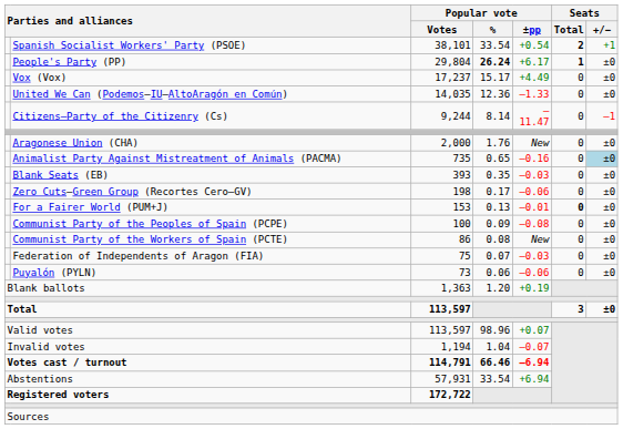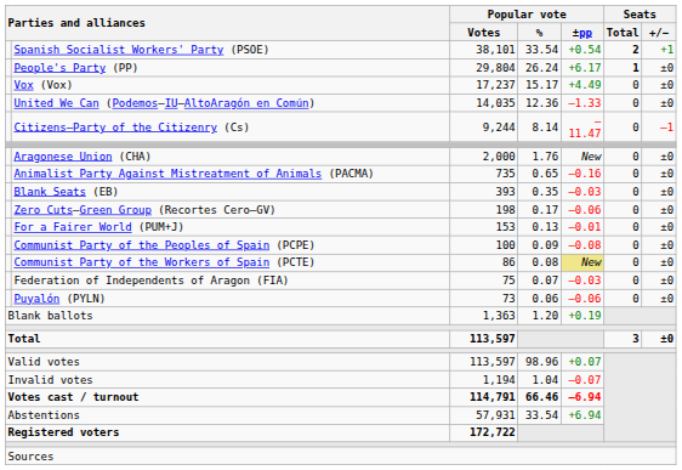 <table class="wikitable" style="text-align:right;">
 <tr>
 <th style="text-align:left;" rowspan="2" colspan="2" width="525">Parties and alliances</th>
 <th colspan="3">Popular vote</th>
 <th colspan="2">Seats</th>
 </tr>
 <tr>
 <th width="75">Votes</th>
 <th width="45">%</th>
 <th width="45">±<a href='#'>pp</a></th>
 <th width="35">Total</th>
 <th width="35">+/−</th>
 </tr>
 <tr>
 <td width="1" style="color:inherit;background:"></td>
 <td align="left"><a href='#'>Spanish Socialist Workers' Party</a> (PSOE)</td>
 <td>38,101</td>
 <td>33.54</td>
 <td style="color:green;">+0.54</td>
 <td><strong>2</strong></td>
 <td style="color:green;">+1</td>
 </tr>
 <tr>
 <td style="color:inherit;background:"></td>
 <td align="left"><a href='#'>People's Party</a> (PP)</td>
 <td>29,804</td>
-<td><strong>26.24</strong></td>
+<td>26.24</td>
 <td style="color:green;">+6.17</td>
 <td><strong>1</strong></td>
 <td>±0</td>
 </tr>
 <tr>
 <td style="color:inherit;background:"></td>
 <td align="left"><a href='#'>Vox</a> (Vox)</td>
 <td>17,237</td>
 <td>15.17</td>
 <td style="color:green;">+4.49</td>
 <td>0</td>
 <td>±0</td>
 </tr>
 <tr>
 <td style="color:inherit;background:"></td>
 <td align="left"><a href='#'>United We Can</a> (<a href='#'>Podemos</a>–<a href='#'>IU</a>–<a href='#'>AltoAragón en Común</a>)</td>
 <td>14,035</td>
 <td>12.36</td>
 <td style="color:red;">–1.33</td>
 <td>0</td>
 <td>±0</td>
 </tr>
 <tr>
 <td style="color:inherit;background:"></td>
 <td align="left"><a href='#'>Citizens–Party of the Citizenry</a> (Cs)</td>
 <td>9,244</td>
 <td>8.14</td>
 <td style="color:red;">–11.47</td>
 <td>0</td>
 <td style="color:red;">–1</td>
 </tr>
 <tr>
 <td colspan="7" bgcolor="#C0C0C0"></td>
 </tr>
 <tr>
 <td style="color:inherit;background:"></td>
 <td align="left"><a href='#'>Aragonese Union</a> (CHA)</td>
 <td>2,000</td>
 <td>1.76</td>
 <td><em>New</em></td>
 <td>0</td>
 <td>±0</td>
 </tr>
 <tr>
 <td style="color:inherit;background:"></td>
 <td align="left"><a href='#'>Animalist Party Against Mistreatment of Animals</a> (PACMA)</td>
 <td>735</td>
 <td>0.65</td>
 <td style="color:red;">–0.16</td>
 <td>0</td>
-<td style="background: lightblue;">±0</td>
+<td>±0</td>
 </tr>
 <tr>
 <td style="color:inherit;background:"></td>
 <td align="left"><a href='#'>Blank Seats</a> (EB)</td>
 <td>393</td>
 <td>0.35</td>
 <td style="color:red;">–0.03</td>
 <td>0</td>
 <td>±0</td>
 </tr>
 <tr>
 <td style="color:inherit;background:"></td>
 <td align="left"><a href='#'>Zero Cuts</a>–<a href='#'>Green Group</a> (Recortes Cero–GV)</td>
 <td>198</td>
 <td>0.17</td>
 <td style="color:red;">–0.06</td>
 <td>0</td>
 <td>±0</td>
 </tr>
 <tr>
 <td style="color:inherit;background:"></td>
 <td align="left"><a href='#'>For a Fairer World</a> (PUM+J)</td>
 <td>153</td>
 <td>0.13</td>
 <td style="color:red;">–0.01</td>
-<td><strong>0</strong></td>
+<td>0</td>
 <td>±0</td>
 </tr>
 <tr>
 <td style="color:inherit;background:"></td>
 <td align="left"><a href='#'>Communist Party of the Peoples of Spain</a> (PCPE)</td>
 <td>100</td>
 <td>0.09</td>
 <td style="color:red;">–0.08</td>
 <td>0</td>
 <td>±0</td>
 </tr>
 <tr>
 <td style="color:inherit;background:"></td>
 <td align="left"><a href='#'>Communist Party of the Workers of Spain</a> (PCTE)</td>
 <td>86</td>
 <td>0.08</td>
-<td><em>New</em></td>
+<td style="background: khaki;"><em>New</em></td>
 <td>0</td>
 <td>±0</td>
 </tr>
 <tr>
 <td style="color:inherit;background:"></td>
 <td align="left">Federation of Independents of Aragon (FIA)</td>
 <td>75</td>
 <td>0.07</td>
 <td style="color:red;">–0.03</td>
 <td>0</td>
 <td>±0</td>
 </tr>
 <tr>
 <td style="color:inherit;background:"></td>
 <td align="left"><a href='#'>Puyalón</a> (PYLN)</td>
 <td>73</td>
 <td>0.06</td>
 <td style="color:red;">–0.06</td>
 <td>0</td>
 <td>±0</td>
 </tr>
 <tr>
 <td align="left" colspan="2">Blank ballots</td>
 <td>1,363</td>
 <td>1.20</td>
 <td style="color:green;">+0.19</td>
 <td bgcolor="#E9E9E9" colspan="2"></td>
 </tr>
 <tr>
 <td colspan="7" bgcolor="#E9E9E9"></td>
 </tr>
 <tr style="font-weight:bold;">
 <td align="left" colspan="2">Total</td>
 <td>113,597</td>
 <td bgcolor="#E9E9E9" colspan="2"></td>
 <td>3</td>
 <td>±0</td>
 </tr>
 <tr>
 <td colspan="7" bgcolor="#E9E9E9"></td>
 </tr>
 <tr>
 <td align="left" colspan="2">Valid votes</td>
 <td>113,597</td>
 <td>98.96</td>
 <td style="color:green;">+0.07</td>
 <td bgcolor="#E9E9E9" colspan="2" rowspan="5"></td>
 </tr>
 <tr>
 <td align="left" colspan="2">Invalid votes</td>
 <td>1,194</td>
 <td>1.04</td>
 <td style="color:red;">–0.07</td>
 </tr>
 <tr style="font-weight:bold;">
 <td align="left" colspan="2">Votes cast / turnout</td>
 <td>114,791</td>
 <td>66.46</td>
 <td style="color:red;">–6.94</td>
 </tr>
 <tr>
 <td align="left" colspan="2">Abstentions</td>
 <td>57,931</td>
 <td>33.54</td>
 <td style="color:green;">+6.94</td>
 </tr>
 <tr style="font-weight:bold;">
 <td align="left" colspan="2">Registered voters</td>
 <td>172,722</td>
 <td bgcolor="#E9E9E9" colspan="2"></td>
 </tr>
 <tr>
 <td colspan="7" bgcolor="#E9E9E9"></td>
 </tr>
 <tr>
 <td align="left" colspan="7">Sources</td>
 </tr>
 </table>
